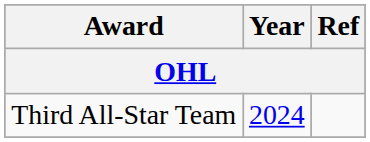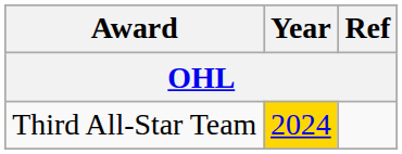 <table class="wikitable">
 <tr>
 <th>Award</th>
 <th>Year</th>
 <th>Ref</th>
 </tr>
 <tr>
 <th colspan="3"><a href='#'>OHL</a></th>
 </tr>
 <tr>
 <td>Third All-Star Team</td>
-<td><a href='#'>2024</a></td>
+<td style="background: gold;"><a href='#'>2024</a></td>
 <td></td>
 </tr>
 </table>
